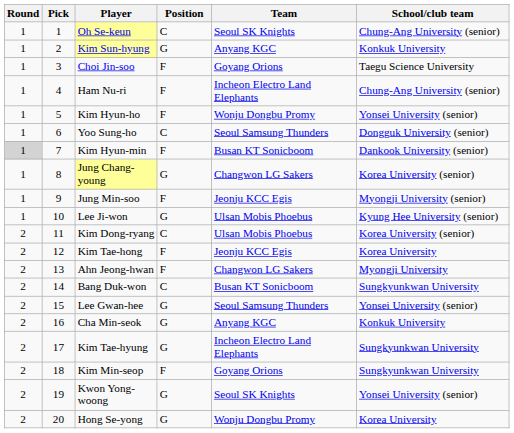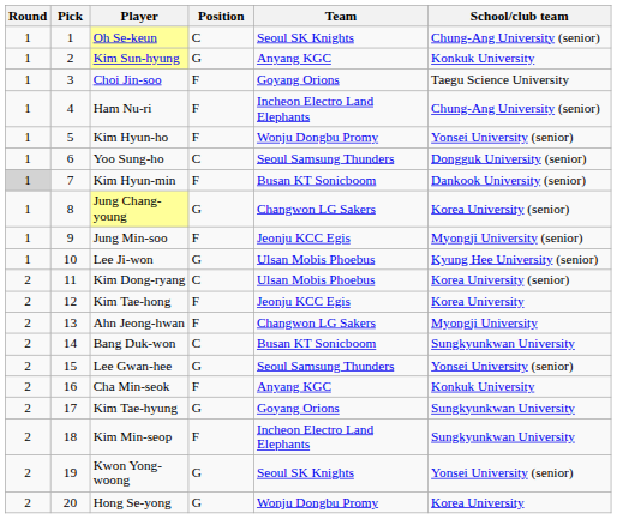 <table class="wikitable sortable sortable">
 <tr>
 <th scope="col" width=40>Round</th>
 <th scope="col" width=40>Pick</th>
 <th scope="col" width=110>Player</th>
 <th scope="col" width=70>Position</th>
 <th scope="col" width=200>Team</th>
 <th scope="col" width=210>School/club team</th>
 </tr>
 <tr>
 <td align=center>1</td>
 <td align=center>1</td>
 <td style="background-color:#FFFF99;"><a href='#'>Oh Se-keun</a></td>
 <td>C</td>
 <td><a href='#'>Seoul SK Knights</a></td>
 <td><a href='#'>Chung-Ang University</a> (senior)</td>
 </tr>
 <tr>
 <td align=center>1</td>
 <td align=center>2</td>
 <td style="background-color:#FFFF99;"><a href='#'>Kim Sun-hyung</a></td>
 <td>G</td>
 <td><a href='#'>Anyang KGC</a></td>
 <td><a href='#'>Konkuk University</a></td>
 </tr>
 <tr>
 <td align=center>1</td>
 <td align=center>3</td>
 <td><a href='#'>Choi Jin-soo</a></td>
 <td>F</td>
 <td><a href='#'>Goyang Orions</a></td>
 <td>Taegu Science University</td>
 </tr>
 <tr>
 <td align=center>1</td>
 <td align=center>4</td>
 <td>Ham Nu-ri</td>
 <td>F</td>
 <td><a href='#'>Incheon Electro Land Elephants</a></td>
 <td><a href='#'>Chung-Ang University</a> (senior)</td>
 </tr>
 <tr>
 <td align=center>1</td>
 <td align=center>5</td>
 <td>Kim Hyun-ho</td>
 <td>F</td>
 <td><a href='#'>Wonju Dongbu Promy</a></td>
 <td><a href='#'>Yonsei University</a> (senior)</td>
 </tr>
 <tr>
 <td align=center>1</td>
 <td align=center>6</td>
 <td>Yoo Sung-ho</td>
 <td>C</td>
 <td><a href='#'>Seoul Samsung Thunders</a></td>
 <td><a href='#'>Dongguk University</a> (senior)</td>
 </tr>
 <tr>
 <td align=center style="background: lightgrey;">1</td>
 <td align=center>7</td>
 <td>Kim Hyun-min</td>
 <td>F</td>
 <td><a href='#'>Busan KT Sonicboom</a></td>
 <td><a href='#'>Dankook University</a> (senior)</td>
 </tr>
 <tr>
 <td align=center>1</td>
 <td align=center>8</td>
 <td style="background-color:#FFFF99">Jung Chang-young</td>
 <td>G</td>
 <td><a href='#'>Changwon LG Sakers</a></td>
 <td><a href='#'>Korea University</a> (senior)</td>
 </tr>
 <tr>
 <td align=center>1</td>
 <td align=center>9</td>
 <td>Jung Min-soo</td>
 <td>F</td>
 <td><a href='#'>Jeonju KCC Egis</a></td>
 <td><a href='#'>Myongji University</a> (senior)</td>
 </tr>
 <tr>
 <td align=center>1</td>
 <td align=center>10</td>
 <td>Lee Ji-won</td>
 <td>G</td>
 <td><a href='#'>Ulsan Mobis Phoebus</a></td>
 <td><a href='#'>Kyung Hee University</a> (senior)</td>
 </tr>
 <tr>
 <td align=center>2</td>
 <td align=center>11</td>
 <td>Kim Dong-ryang</td>
 <td>C</td>
 <td><a href='#'>Ulsan Mobis Phoebus</a></td>
 <td><a href='#'>Korea University</a> (senior)</td>
 </tr>
 <tr>
 <td align=center>2</td>
 <td align=center>12</td>
 <td>Kim Tae-hong</td>
 <td>F</td>
 <td><a href='#'>Jeonju KCC Egis</a></td>
 <td><a href='#'>Korea University</a></td>
 </tr>
 <tr>
 <td align=center>2</td>
 <td align=center>13</td>
 <td>Ahn Jeong-hwan</td>
 <td>F</td>
 <td><a href='#'>Changwon LG Sakers</a></td>
 <td><a href='#'>Myongji University</a></td>
 </tr>
 <tr>
 <td align=center>2</td>
 <td align=center>14</td>
 <td>Bang Duk-won</td>
 <td>C</td>
 <td><a href='#'>Busan KT Sonicboom</a></td>
 <td><a href='#'>Sungkyunkwan University</a></td>
 </tr>
 <tr>
 <td align=center>2</td>
 <td align=center>15</td>
 <td>Lee Gwan-hee</td>
 <td>G</td>
 <td><a href='#'>Seoul Samsung Thunders</a></td>
 <td><a href='#'>Yonsei University</a> (senior)</td>
 </tr>
 <tr>
 <td align=center>2</td>
 <td align=center>16</td>
 <td>Cha Min-seok</td>
-<td>G</td>
+<td>F</td>
 <td><a href='#'>Anyang KGC</a></td>
 <td><a href='#'>Konkuk University</a></td>
 </tr>
 <tr>
 <td align=center>2</td>
 <td align=center>17</td>
 <td>Kim Tae-hyung</td>
 <td>G</td>
-<td><a href='#'>Incheon Electro Land Elephants</a></td>
+<td><a href='#'>Goyang Orions</a></td>
 <td><a href='#'>Sungkyunkwan University</a></td>
 </tr>
 <tr>
 <td align=center>2</td>
 <td align=center>18</td>
 <td>Kim Min-seop</td>
 <td>F</td>
-<td><a href='#'>Goyang Orions</a></td>
+<td><a href='#'>Incheon Electro Land Elephants</a></td>
 <td><a href='#'>Sungkyunkwan University</a></td>
 </tr>
 <tr>
 <td align=center>2</td>
 <td align=center>19</td>
 <td>Kwon Yong-woong</td>
 <td>G</td>
 <td><a href='#'>Seoul SK Knights</a></td>
 <td><a href='#'>Yonsei University</a> (senior)</td>
 </tr>
 <tr>
 <td align=center>2</td>
 <td align=center>20</td>
 <td>Hong Se-yong</td>
 <td>G</td>
 <td><a href='#'>Wonju Dongbu Promy</a></td>
 <td><a href='#'>Korea University</a></td>
 </tr>
 </table>
